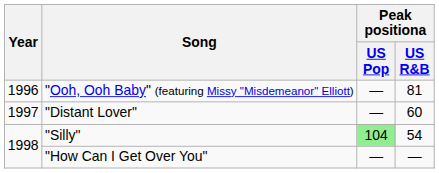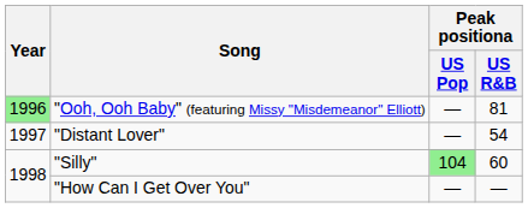 <table class="wikitable">
 <tr>
 <th rowspan="2">Year</th>
 <th rowspan="2">Song</th>
 <th colspan="2">Peak positiona</th>
 </tr>
 <tr>
 <th scope="col" style="width:2.3em;font-size:100%;"><a href='#'>US Pop</a></th>
 <th scope="col" style="width:2.3em;font-size:100%;"><a href='#'>US R&B</a></th>
 </tr>
 <tr>
-<td>1996</td>
+<td style="background: lightgreen;">1996</td>
 <td>"<a href='#'>Ooh, Ooh Baby</a>" <small>(featuring <a href='#'>Missy "Misdemeanor" Elliott</a>)</small></td>
 <td style="text-align:center;">—</td>
 <td style="text-align:center;">81</td>
 </tr>
 <tr>
 <td>1997</td>
 <td>"Distant Lover"</td>
 <td style="text-align:center;">—</td>
-<td style="text-align:center;">60</td>
+<td style="text-align:center;">54</td>
 </tr>
 <tr>
 <td rowspan="2">1998</td>
 <td>"Silly"</td>
 <td style="background: lightgreen; text-align:center;">104</td>
-<td style="text-align:center;">54</td>
+<td style="text-align:center;">60</td>
 </tr>
 <tr>
 <td>"How Can I Get Over You"</td>
 <td style="text-align:center;">—</td>
 <td style="text-align:center;">—</td>
 </tr>
 </table>
